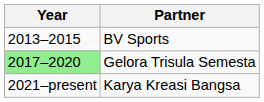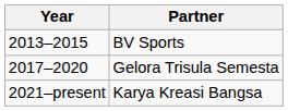 <table class="wikitable">
 <tr>
 <th>Year</th>
 <th>Partner</th>
 </tr>
 <tr>
 <td>2013–2015</td>
 <td>BV Sports</td>
 </tr>
 <tr>
-<td style="background: lightgreen;">2017–2020</td>
+<td>2017–2020</td>
 <td>Gelora Trisula Semesta</td>
 </tr>
 <tr>
 <td>2021–present</td>
 <td>Karya Kreasi Bangsa</td>
 </tr>
 </table>
